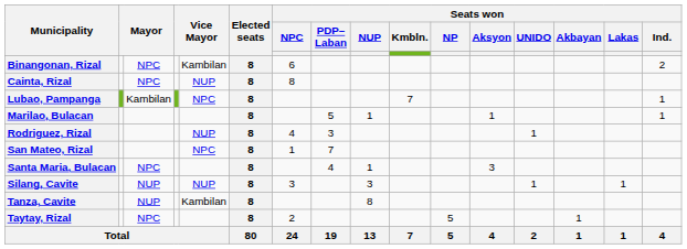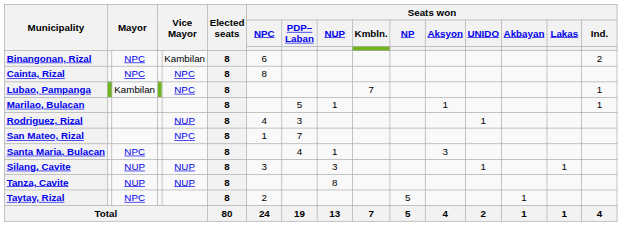 <table class="wikitable" style="text-align:center; font-size: 0.9em;">
 <tr>
 <th rowspan="3">Municipality</th>
 <th colspan="2" rowspan="3" style="width:60px;">Mayor</th>
 <th colspan="2" rowspan="3" style="width:60px;">Vice Mayor</th>
 <th rowspan="3">Elected<br>seats</th>
 <th colspan="10">Seats won</th>
 </tr>
 <tr>
 <th class="unsortable" style="width:45px;"><a href='#'>NPC</a></th>
 <th class="unsortable" style="width:45px;"><a href='#'>PDP–Laban</a></th>
 <th class="unsortable" style="width:45px;"><a href='#'>NUP</a></th>
 <th class="unsortable" style="width:45px;">Kmbln.</th>
 <th class="unsortable" style="width:45px;"><a href='#'>NP</a></th>
 <th class="unsortable" style="width:45px;"><a href='#'>Aksyon</a></th>
 <th class="unsortable" style="width:45px;"><a href='#'>UNIDO</a></th>
 <th class="unsortable" style="width:45px;"><a href='#'>Akbayan</a></th>
 <th class="unsortable" style="width:45px;"><a href='#'>Lakas</a></th>
 <th class="unsortable" style="width:45px;">Ind.</th>
 </tr>
 <tr>
 <th style="color:inherit;background:"></th>
 <th style="color:inherit;background:"></th>
 <th style="color:inherit;background:"></th>
 <th style="color:inherit;background:#70b51e;"></th>
 <th style="color:inherit;background:"></th>
 <th style="color:inherit;background:"></th>
 <th style="color:inherit;background:"></th>
 <th style="color:inherit;background:"></th>
 <th style="color:inherit;background:"></th>
 <th style="color:inherit;background:"></th>
 </tr>
 <tr>
 <th style="text-align: left;"><a href='#'>Binangonan, Rizal</a></th>
 <td style="color:inherit;background:"></td>
 <td><a href='#'>NPC</a></td>
 <td style="color:inherit;background:"></td>
 <td>Kambilan</td>
 <th>8</th>
 <td>6</td>
 <td></td>
 <td></td>
 <td></td>
 <td></td>
 <td></td>
 <td></td>
 <td></td>
 <td></td>
 <td>2</td>
 </tr>
 <tr>
 <th style="text-align: left;"><a href='#'>Cainta, Rizal</a></th>
 <td style="color:inherit;background:"></td>
 <td><a href='#'>NPC</a></td>
 <td style="color:inherit;background:"></td>
-<td><a href='#'>NUP</a></td>
+<td><a href='#'>NPC</a></td>
 <th>8</th>
 <td>8</td>
 <td></td>
 <td></td>
 <td></td>
 <td></td>
 <td></td>
 <td></td>
 <td></td>
 <td></td>
 <td></td>
 </tr>
 <tr>
 <th style="text-align: left;"><a href='#'>Lubao, Pampanga</a></th>
 <td style="color:inherit;background:#70b51e"></td>
 <td>Kambilan</td>
 <td style="color:inherit;background:#70b51e"></td>
 <td><a href='#'>NPC</a></td>
 <th>8</th>
 <td></td>
 <td></td>
 <td></td>
 <td>7</td>
 <td></td>
 <td></td>
 <td></td>
 <td></td>
 <td></td>
 <td>1</td>
 </tr>
 <tr>
 <th style="text-align: left;"><a href='#'>Marilao, Bulacan</a></th>
 <td style="color:inherit;background:"></td>
 <td></td>
 <td style="color:inherit;background:"></td>
 <td></td>
 <th>8</th>
 <td></td>
 <td>5</td>
 <td>1</td>
 <td></td>
 <td></td>
 <td>1</td>
 <td></td>
 <td></td>
 <td></td>
 <td>1</td>
 </tr>
 <tr>
 <th style="text-align: left;"><a href='#'>Rodriguez, Rizal</a></th>
 <td style="color:inherit;background:"></td>
 <td></td>
 <td style="color:inherit;background:"></td>
 <td><a href='#'>NUP</a></td>
 <th>8</th>
 <td>4</td>
 <td>3</td>
 <td></td>
 <td></td>
 <td></td>
 <td></td>
 <td>1</td>
 <td></td>
 <td></td>
 <td></td>
 </tr>
 <tr>
 <th style="text-align: left;"><a href='#'>San Mateo, Rizal</a></th>
 <td style="color:inherit;background:"></td>
 <td></td>
 <td style="color:inherit;background:"></td>
 <td><a href='#'>NPC</a></td>
 <th>8</th>
 <td>1</td>
 <td>7</td>
 <td></td>
 <td></td>
 <td></td>
 <td></td>
 <td></td>
 <td></td>
 <td></td>
 <td></td>
 </tr>
 <tr>
 <th style="text-align: left;"><a href='#'>Santa Maria, Bulacan</a></th>
 <td style="color:inherit;background:"></td>
 <td><a href='#'>NPC</a></td>
 <td style="color:inherit;background:"></td>
 <td></td>
 <th>8</th>
 <td></td>
 <td>4</td>
 <td>1</td>
 <td></td>
 <td></td>
 <td>3</td>
 <td></td>
 <td></td>
 <td></td>
 <td></td>
 </tr>
 <tr>
 <th style="text-align: left;"><a href='#'>Silang, Cavite</a></th>
 <td style="color:inherit;background:"></td>
 <td><a href='#'>NUP</a></td>
 <td style="color:inherit;background:"></td>
 <td><a href='#'>NUP</a></td>
 <th>8</th>
 <td>3</td>
 <td></td>
 <td>3</td>
 <td></td>
 <td></td>
 <td></td>
 <td>1</td>
 <td></td>
 <td>1</td>
 <td></td>
 </tr>
 <tr>
 <th style="text-align: left;"><a href='#'>Tanza, Cavite</a></th>
 <td style="color:inherit;background:"></td>
 <td><a href='#'>NUP</a></td>
 <td style="color:inherit;background:"></td>
-<td>Kambilan</td>
+<td><a href='#'>NUP</a></td>
 <th>8</th>
 <td></td>
 <td></td>
 <td>8</td>
 <td></td>
 <td></td>
 <td></td>
 <td></td>
 <td></td>
 <td></td>
 <td></td>
 </tr>
 <tr>
 <th style="text-align: left;"><a href='#'>Taytay, Rizal</a></th>
 <td style="color:inherit;background:"></td>
 <td><a href='#'>NPC</a></td>
 <td style="color:inherit;background:"></td>
 <td></td>
 <th>8</th>
 <td>2</td>
 <td></td>
 <td></td>
 <td></td>
 <td>5</td>
 <td></td>
 <td></td>
 <td>1</td>
 <td></td>
 <td></td>
 </tr>
 <tr>
 <th colspan="5">Total</th>
 <th>80</th>
 <th>24</th>
 <th>19</th>
 <th>13</th>
 <th>7</th>
 <th>5</th>
 <th>4</th>
 <th>2</th>
 <th>1</th>
 <th>1</th>
 <th>4</th>
 </tr>
 </table>
